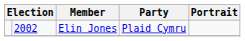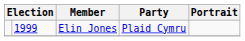 <table class="wikitable">
 <tr>
 <th colspan="2">Election</th>
 <th>Member</th>
 <th>Party</th>
 <th>Portrait</th>
 </tr>
 <tr>
 <td style="background-color: "></td>
-<td><a href='#'>2002</a></td>
+<td><a href='#'>1999</a></td>
 <td><a href='#'>Elin Jones</a></td>
 <td><a href='#'>Plaid Cymru</a></td>
 <td></td>
 </tr>
 <tr>
 </tr>
 </table>
